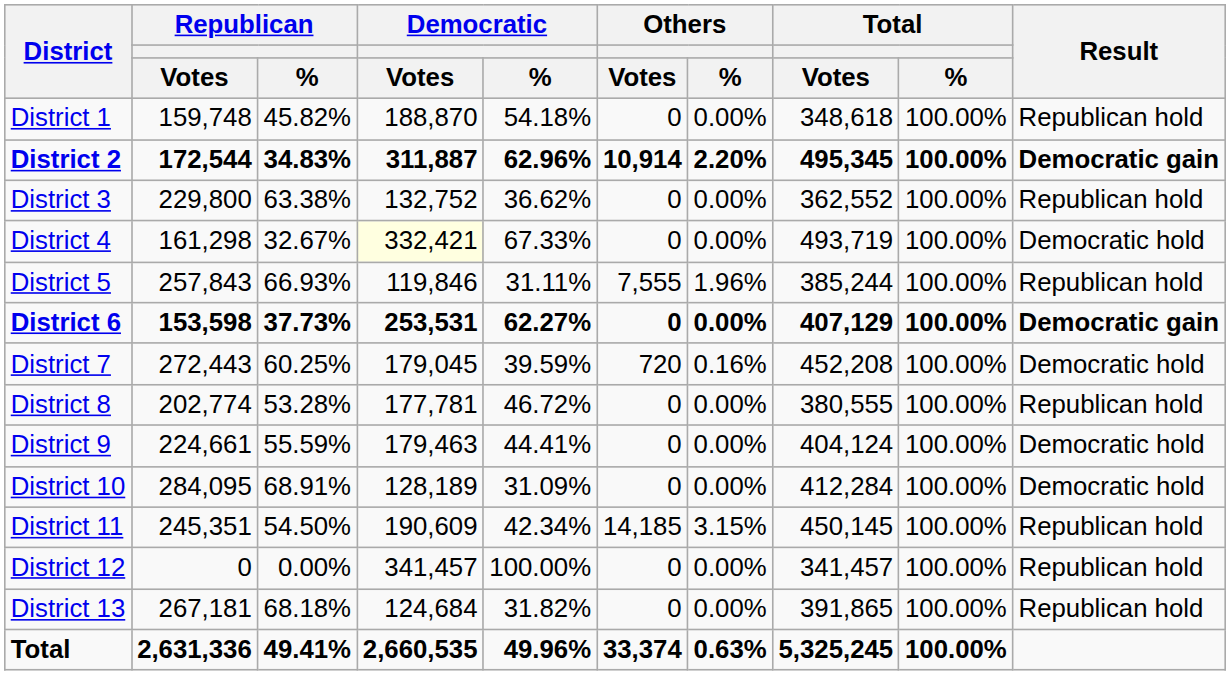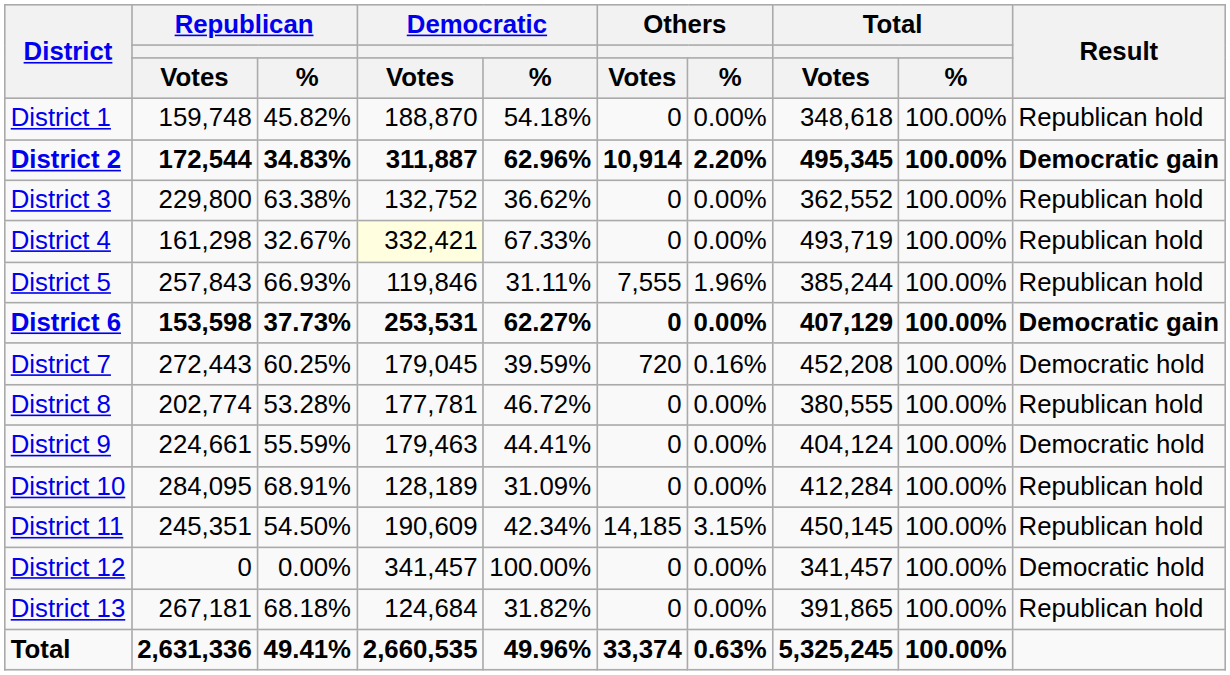 <table class="wikitable plainrowheaders sortable" style="font-size:100%; text-align:right;">
 <tr>
 <th scope=col rowspan=3><a href='#'>District</a></th>
 <th scope=col colspan=2><a href='#'>Republican</a></th>
 <th scope=col colspan=2><a href='#'>Democratic</a></th>
 <th scope=col colspan=2>Others</th>
 <th scope=col colspan=2>Total</th>
 <th scope=col rowspan=3>Result</th>
 </tr>
 <tr>
 <th scope=col colspan=2 style="background:"></th>
 <th scope=col colspan=2 style="background:"></th>
 <th scope=col colspan=2></th>
 <th scope=col colspan=2></th>
 </tr>
 <tr>
 <th scope=col data-sort-type="number">Votes</th>
 <th scope=col data-sort-type="number">%</th>
 <th scope=col data-sort-type="number">Votes</th>
 <th scope=col data-sort-type="number">%</th>
 <th scope=col data-sort-type="number">Votes</th>
 <th scope=col data-sort-type="number">%</th>
 <th scope=col data-sort-type="number">Votes</th>
 <th scope=col data-sort-type="number">%</th>
 </tr>
 <tr>
 <td align=left><a href='#'>District 1</a></td>
 <td>159,748</td>
 <td>45.82%</td>
 <td>188,870</td>
 <td>54.18%</td>
 <td>0</td>
 <td>0.00%</td>
 <td>348,618</td>
 <td>100.00%</td>
 <td align=left>Republican hold</td>
 </tr>
 <tr>
 <td align=left><strong><a href='#'>District 2</a></strong></td>
 <td><strong>172,544</strong></td>
 <td><strong>34.83%</strong></td>
 <td><strong>311,887</strong></td>
 <td><strong>62.96%</strong></td>
 <td><strong>10,914</strong></td>
 <td><strong>2.20%</strong></td>
 <td><strong>495,345</strong></td>
 <td><strong>100.00%</strong></td>
 <td align=left><strong>Democratic gain</strong></td>
 </tr>
 <tr>
 <td align=left><a href='#'>District 3</a></td>
 <td>229,800</td>
 <td>63.38%</td>
 <td>132,752</td>
 <td>36.62%</td>
 <td>0</td>
 <td>0.00%</td>
 <td>362,552</td>
 <td>100.00%</td>
 <td align=left>Republican hold</td>
 </tr>
 <tr>
 <td align=left><a href='#'>District 4</a></td>
 <td>161,298</td>
 <td>32.67%</td>
 <td style="background: lightyellow;">332,421</td>
 <td>67.33%</td>
 <td>0</td>
 <td>0.00%</td>
 <td>493,719</td>
 <td>100.00%</td>
-<td align=left>Democratic hold</td>
+<td align=left>Republican hold</td>
 </tr>
 <tr>
 <td align=left><a href='#'>District 5</a></td>
 <td>257,843</td>
 <td>66.93%</td>
 <td>119,846</td>
 <td>31.11%</td>
 <td>7,555</td>
 <td>1.96%</td>
 <td>385,244</td>
 <td>100.00%</td>
 <td align=left>Republican hold</td>
 </tr>
 <tr>
 <td align=left><strong><a href='#'>District 6</a></strong></td>
 <td><strong>153,598</strong></td>
 <td><strong>37.73%</strong></td>
 <td><strong>253,531</strong></td>
 <td><strong>62.27%</strong></td>
 <td><strong>0</strong></td>
 <td><strong>0.00%</strong></td>
 <td><strong>407,129</strong></td>
 <td><strong>100.00%</strong></td>
 <td align=left><strong>Democratic gain</strong></td>
 </tr>
 <tr>
 <td align=left><a href='#'>District 7</a></td>
 <td>272,443</td>
 <td>60.25%</td>
 <td>179,045</td>
 <td>39.59%</td>
 <td>720</td>
 <td>0.16%</td>
 <td>452,208</td>
 <td>100.00%</td>
 <td align=left>Democratic hold</td>
 </tr>
 <tr>
 <td align=left><a href='#'>District 8</a></td>
 <td>202,774</td>
 <td>53.28%</td>
 <td>177,781</td>
 <td>46.72%</td>
 <td>0</td>
 <td>0.00%</td>
 <td>380,555</td>
 <td>100.00%</td>
 <td align=left>Republican hold</td>
 </tr>
 <tr>
 <td align=left><a href='#'>District 9</a></td>
 <td>224,661</td>
 <td>55.59%</td>
 <td>179,463</td>
 <td>44.41%</td>
 <td>0</td>
 <td>0.00%</td>
 <td>404,124</td>
 <td>100.00%</td>
 <td align=left>Democratic hold</td>
 </tr>
 <tr>
 <td align=left><a href='#'>District 10</a></td>
 <td>284,095</td>
 <td>68.91%</td>
 <td>128,189</td>
 <td>31.09%</td>
 <td>0</td>
 <td>0.00%</td>
 <td>412,284</td>
 <td>100.00%</td>
-<td align=left>Democratic hold</td>
+<td align=left>Republican hold</td>
 </tr>
 <tr>
 <td align=left><a href='#'>District 11</a></td>
 <td>245,351</td>
 <td>54.50%</td>
 <td>190,609</td>
 <td>42.34%</td>
 <td>14,185</td>
 <td>3.15%</td>
 <td>450,145</td>
 <td>100.00%</td>
 <td align=left>Republican hold</td>
 </tr>
 <tr>
 <td align=left><a href='#'>District 12</a></td>
 <td>0</td>
 <td>0.00%</td>
 <td>341,457</td>
 <td>100.00%</td>
 <td>0</td>
 <td>0.00%</td>
 <td>341,457</td>
 <td>100.00%</td>
-<td align=left>Republican hold</td>
+<td align=left>Democratic hold</td>
 </tr>
 <tr>
 <td align=left><a href='#'>District 13</a></td>
 <td>267,181</td>
 <td>68.18%</td>
 <td>124,684</td>
 <td>31.82%</td>
 <td>0</td>
 <td>0.00%</td>
 <td>391,865</td>
 <td>100.00%</td>
 <td align=left>Republican hold</td>
 </tr>
 <tr class="sortbottom" style="font-weight:bold">
 <td align=left>Total</td>
 <td>2,631,336</td>
 <td>49.41%</td>
 <td>2,660,535</td>
 <td>49.96%</td>
 <td>33,374</td>
 <td>0.63%</td>
 <td>5,325,245</td>
 <td>100.00%</td>
 <td></td>
 </tr>
 </table>
